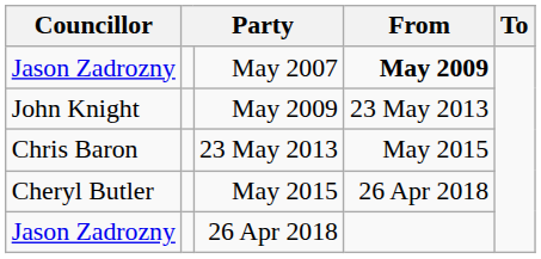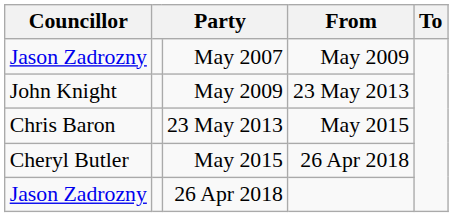 <table class=wikitable>
 <tr>
 <th>Councillor</th>
 <th colspan=2>Party</th>
 <th>From</th>
 <th>To</th>
 </tr>
 <tr>
 <td><a href='#'>Jason Zadrozny</a></td>
 <td></td>
 <td align=right>May 2007</td>
-<td align=right><strong>May 2009</strong></td>
+<td align=right>May 2009</td>
 </tr>
 <tr>
 <td>John Knight</td>
 <td></td>
 <td align=right>May 2009</td>
 <td align=right>23 May 2013</td>
 </tr>
 <tr>
 <td>Chris Baron</td>
 <td></td>
 <td align=right>23 May 2013</td>
 <td align=right>May 2015</td>
 </tr>
 <tr>
 <td>Cheryl Butler</td>
 <td></td>
 <td align=right>May 2015</td>
 <td align=right>26 Apr 2018</td>
 </tr>
 <tr>
 <td><a href='#'>Jason Zadrozny</a></td>
 <td></td>
 <td align=right>26 Apr 2018</td>
 <td align=right></td>
 </tr>
 </table>
